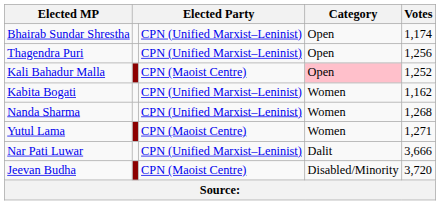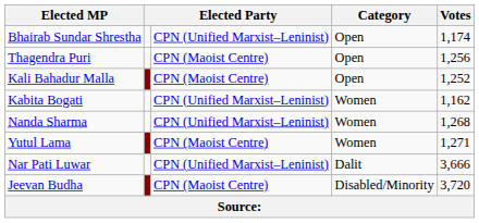 <table class="wikitable sortable">
 <tr>
 <th>Elected MP</th>
 <th colspan="2">Elected Party</th>
 <th>Category</th>
 <th>Votes</th>
 </tr>
 <tr>
 <td><a href='#'>Bhairab Sundar Shrestha</a></td>
 <td></td>
 <td><a href='#'>CPN (Unified Marxist–Leninist)</a></td>
 <td>Open</td>
 <td>1,174</td>
 </tr>
 <tr>
 <td><a href='#'>Thagendra Puri</a></td>
 <td></td>
-<td><a href='#'>CPN (Unified Marxist–Leninist)</a></td>
+<td><a href='#'>CPN (Maoist Centre)</a></td>
 <td>Open</td>
 <td>1,256</td>
 </tr>
 <tr>
 <td><a href='#'>Kali Bahadur Malla</a></td>
 <td bgcolor="8B0000"></td>
 <td><a href='#'>CPN (Maoist Centre)</a></td>
-<td style="background: pink;">Open</td>
+<td>Open</td>
 <td>1,252</td>
 </tr>
 <tr>
 <td><a href='#'>Kabita Bogati</a></td>
 <td></td>
 <td><a href='#'>CPN (Unified Marxist–Leninist)</a></td>
 <td>Women</td>
 <td>1,162</td>
 </tr>
 <tr>
 <td><a href='#'>Nanda Sharma</a></td>
 <td></td>
 <td><a href='#'>CPN (Unified Marxist–Leninist)</a></td>
 <td>Women</td>
 <td>1,268</td>
 </tr>
 <tr>
 <td><a href='#'>Yutul Lama</a></td>
 <td bgcolor="8B0000"></td>
 <td><a href='#'>CPN (Maoist Centre)</a></td>
 <td>Women</td>
 <td>1,271</td>
 </tr>
 <tr>
 <td><a href='#'>Nar Pati Luwar</a></td>
 <td></td>
 <td><a href='#'>CPN (Unified Marxist–Leninist)</a></td>
 <td>Dalit</td>
 <td>3,666</td>
 </tr>
 <tr>
 <td><a href='#'>Jeevan Budha</a></td>
 <td bgcolor="8B0000"></td>
 <td><a href='#'>CPN (Maoist Centre)</a></td>
 <td>Disabled/Minority</td>
 <td>3,720</td>
 </tr>
 <tr>
 <th colspan="5">Source: </th>
 </tr>
 </table>
